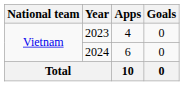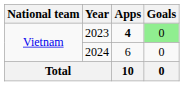 <table class="wikitable" style="text-align: center;">
 <tr>
 <th>National team</th>
 <th>Year</th>
 <th>Apps</th>
 <th>Goals</th>
 </tr>
 <tr>
 <td rowspan=2><a href='#'>Vietnam</a></td>
 <td>2023</td>
-<td>4</td>
-<td>0</td>
+<td><strong>4</strong></td>
+<td style="background: lightgreen;">0</td>
 </tr>
 <tr>
 <td>2024</td>
 <td>6</td>
 <td>0</td>
 </tr>
 <tr>
 <th colspan=2>Total</th>
 <th>10</th>
 <th>0</th>
 </tr>
 </table>
